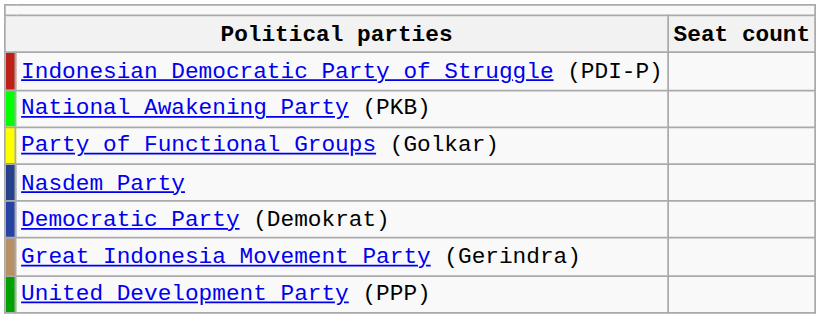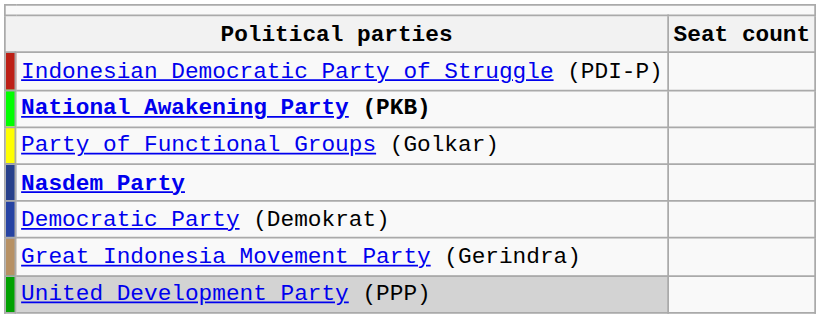 <table class="wikitable">
 <tr>
 <td colspan="4"></td>
 </tr>
 <tr>
 <th colspan="2">Political parties</th>
 <th>Seat count</th>
 </tr>
 <tr>
 <td bgcolor=#BD2016></td>
 <td><a href='#'>Indonesian Democratic Party of Struggle</a> (PDI-P)</td>
 <td></td>
 </tr>
 <tr>
 <td bgcolor=#00FF00></td>
-<td><a href='#'>National Awakening Party</a> (PKB)</td>
+<td><strong><a href='#'>National Awakening Party</a> (PKB)</strong></td>
 <td></td>
 </tr>
 <tr>
 <td bgcolor=#FFFF00></td>
 <td><a href='#'>Party of Functional Groups</a> (Golkar)</td>
 <td></td>
 </tr>
 <tr>
 <td bgcolor=#27408B></td>
-<td><a href='#'>Nasdem Party</a></td>
+<td><strong><a href='#'>Nasdem Party</a></strong></td>
 <td></td>
 </tr>
 <tr>
 <td bgcolor=#2643A3></td>
 <td><a href='#'>Democratic Party</a> (Demokrat)</td>
 <td></td>
 </tr>
 <tr>
 <td bgcolor=#B79164></td>
 <td><a href='#'>Great Indonesia Movement Party</a> (Gerindra)</td>
 <td></td>
 </tr>
 <tr>
 <td bgcolor=#00A100></td>
-<td><a href='#'>United Development Party</a> (PPP)</td>
+<td style="background: lightgrey;"><a href='#'>United Development Party</a> (PPP)</td>
 <td></td>
 </tr>
 </table>
